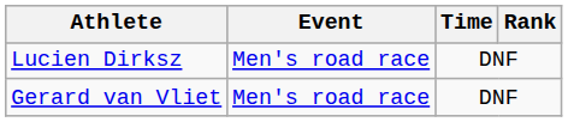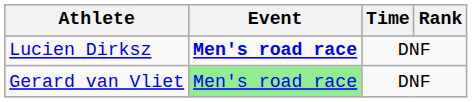 <table class=wikitable style="font-size:90%">
 <tr>
 <th>Athlete</th>
 <th>Event</th>
 <th>Time</th>
 <th>Rank</th>
 </tr>
 <tr align=center>
 <td align=left><a href='#'>Lucien Dirksz</a></td>
-<td align=left rowspan=1><a href='#'>Men's road race</a></td>
+<td align=left rowspan=1><strong><a href='#'>Men's road race</a></strong></td>
 <td colspan=2>DNF</td>
 </tr>
 <tr align=center>
 <td align=left><a href='#'>Gerard van Vliet</a></td>
-<td align=left rowspan=1><a href='#'>Men's road race</a></td>
+<td align=left rowspan=1 style="background: lightgreen;"><a href='#'>Men's road race</a></td>
 <td colspan=2>DNF</td>
 </tr>
 </table>
